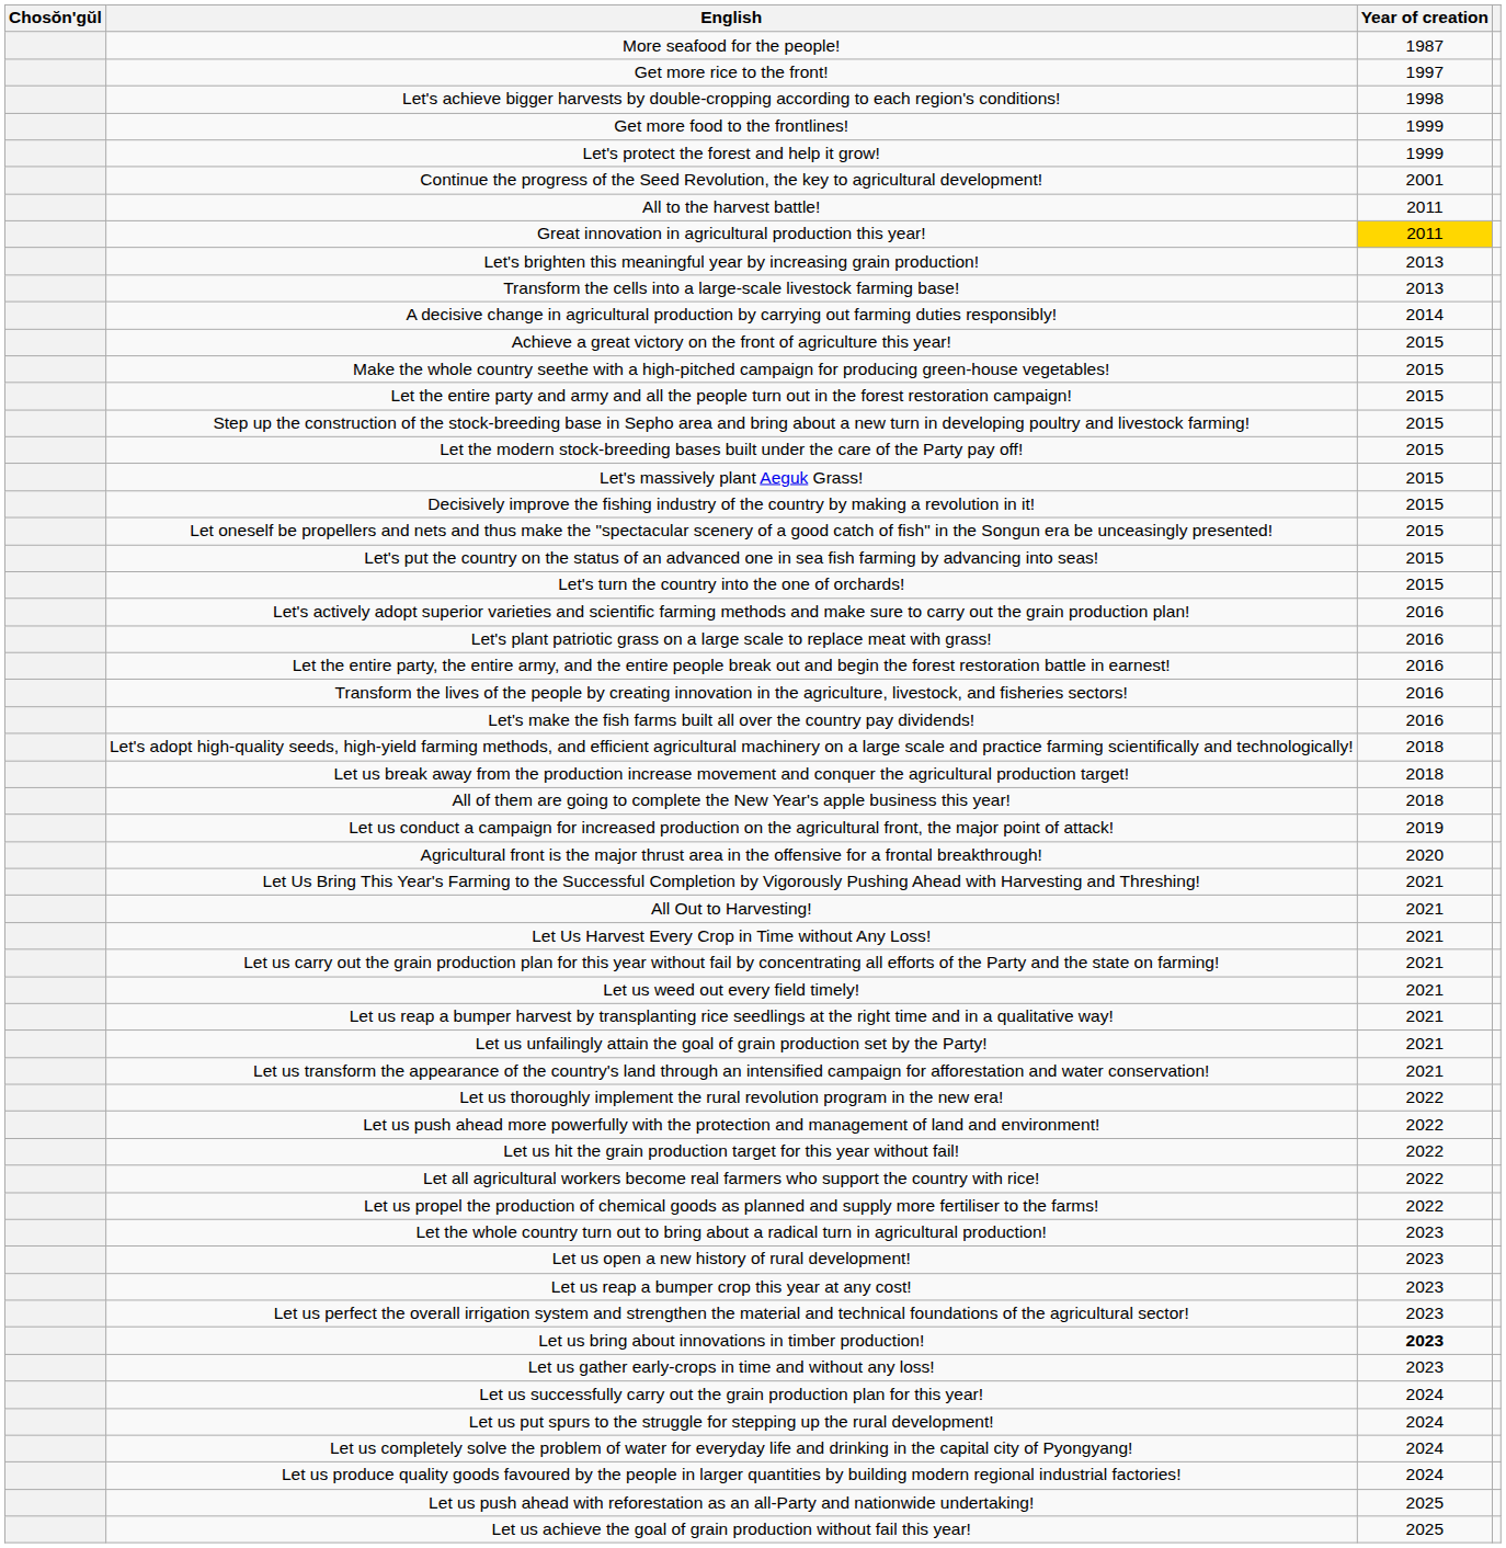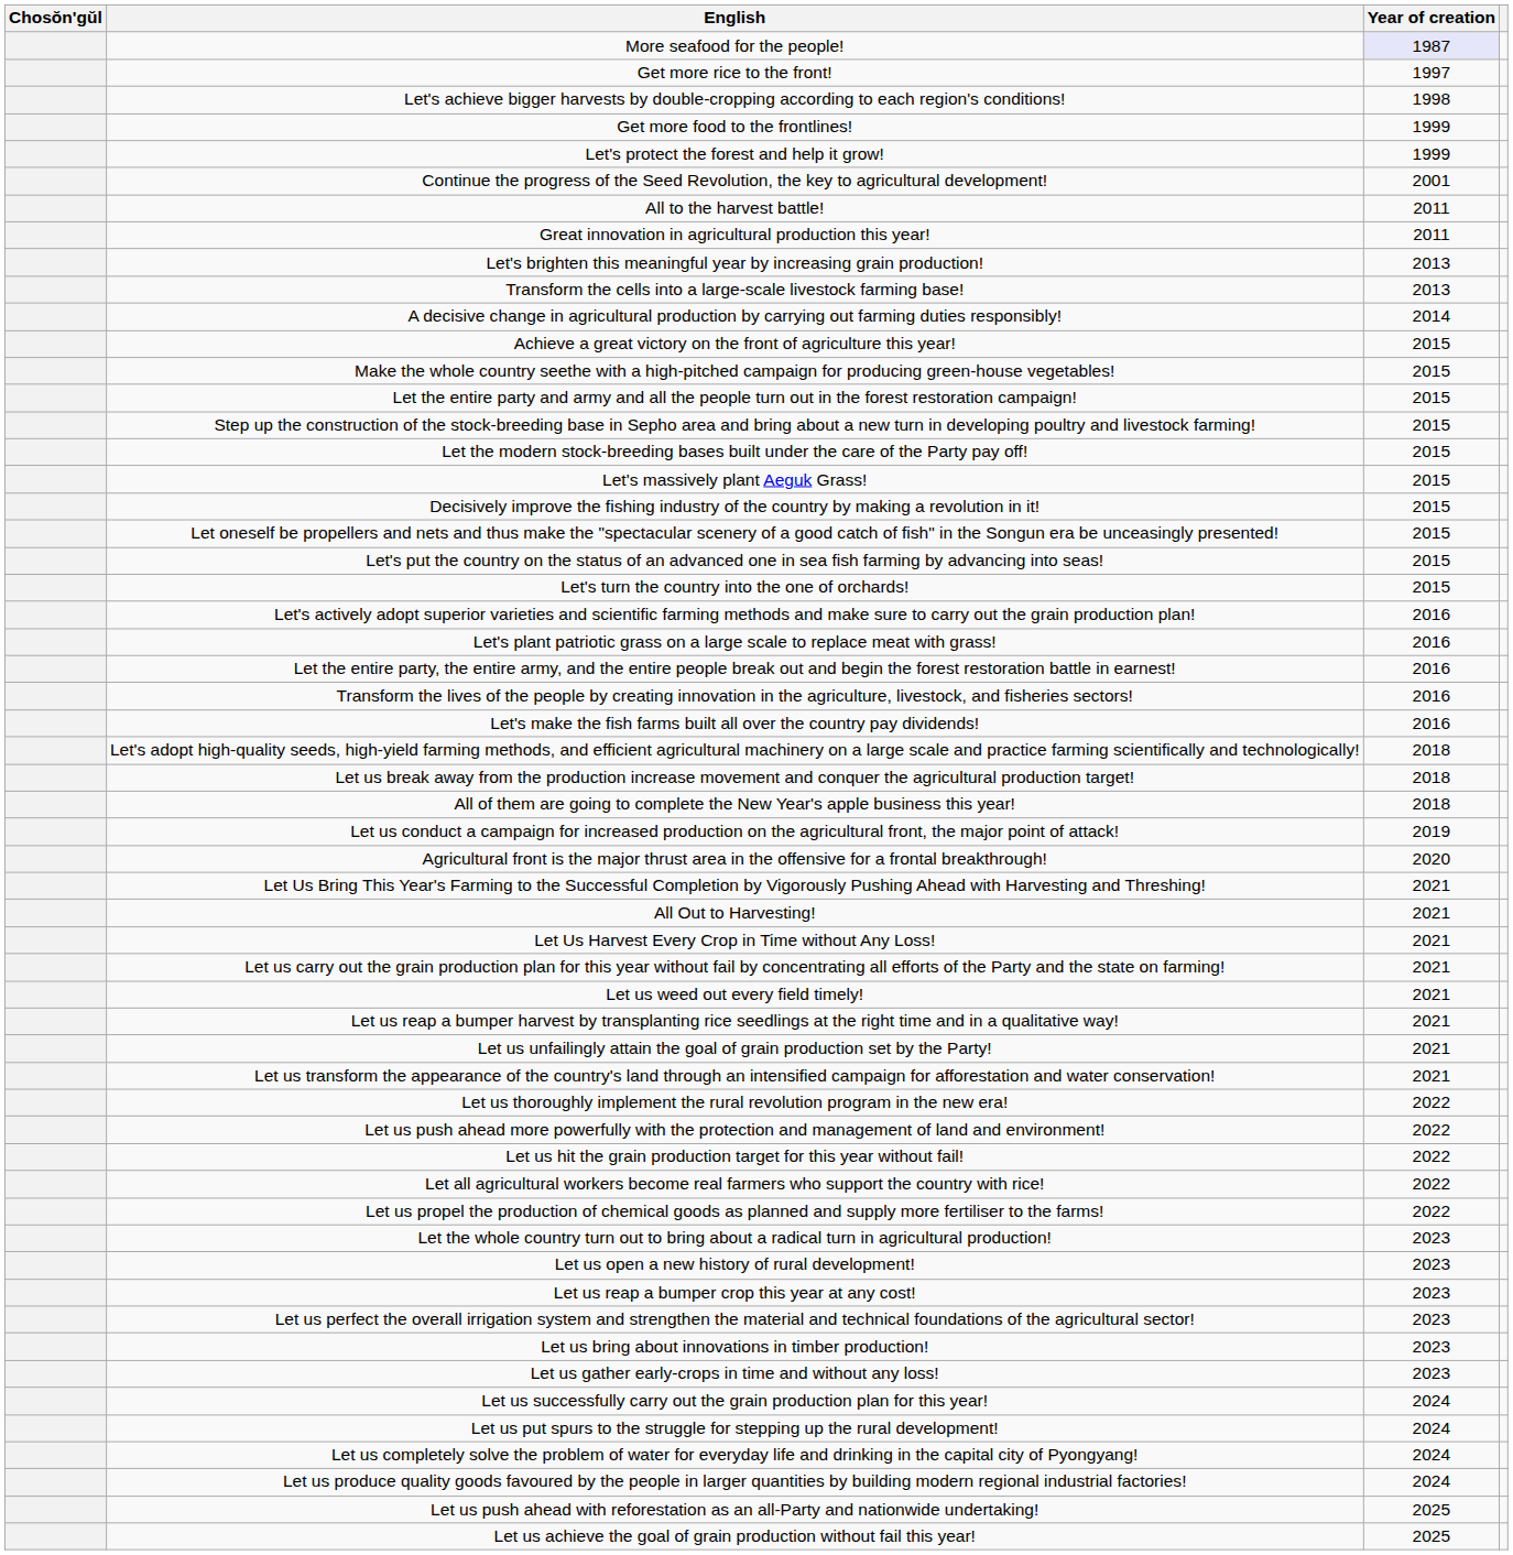 <table class="wikitable sortable" style="text-align: center;">
 <tr>
 <th scope="col">Chosŏn'gŭl</th>
 <th scope="col">English</th>
 <th scope="col">Year of creation</th>
 <th scope="col" class="unsortable"></th>
 </tr>
 <tr>
 <th scope="row"></th>
 <td>More seafood for the people!</td>
-<td>1987</td>
+<td style="background: lavender;">1987</td>
 <td></td>
 </tr>
 <tr>
 <th scope="row"></th>
 <td>Get more rice to the front!</td>
 <td>1997</td>
 <td></td>
 </tr>
 <tr>
 <th scope="row"></th>
 <td>Let's achieve bigger harvests by double-cropping according to each region's conditions!</td>
 <td>1998</td>
 <td></td>
 </tr>
 <tr>
 <th scope="row"></th>
 <td>Get more food to the frontlines!</td>
 <td>1999</td>
 <td></td>
 </tr>
 <tr>
 <th scope="row"></th>
 <td>Let's protect the forest and help it grow!</td>
 <td>1999</td>
 <td></td>
 </tr>
 <tr>
 <th scope="row"></th>
 <td>Continue the progress of the Seed Revolution, the key to agricultural development!</td>
 <td>2001</td>
 <td></td>
 </tr>
 <tr>
 <th scope="row"></th>
 <td>All to the harvest battle!</td>
 <td>2011</td>
 <td></td>
 </tr>
 <tr>
 <th scope="row"></th>
 <td>Great innovation in agricultural production this year!</td>
-<td style="background: gold;">2011</td>
+<td>2011</td>
 <td></td>
 </tr>
 <tr>
 <th scope="row"></th>
 <td>Let's brighten this meaningful year by increasing grain production!</td>
 <td>2013</td>
 <td></td>
 </tr>
 <tr>
 <th scope="row"></th>
 <td>Transform the cells into a large-scale livestock farming base!</td>
 <td>2013</td>
 <td></td>
 </tr>
 <tr>
 <th scope="row"></th>
 <td>A decisive change in agricultural production by carrying out farming duties responsibly!</td>
 <td>2014</td>
 <td></td>
 </tr>
 <tr>
 <th scope="row"></th>
 <td>Achieve a great victory on the front of agriculture this year!</td>
 <td>2015</td>
 <td></td>
 </tr>
 <tr>
 <th scope="row"></th>
 <td>Make the whole country seethe with a high-pitched campaign for producing green-house vegetables!</td>
 <td>2015</td>
 <td></td>
 </tr>
 <tr>
 <th scope="row"></th>
 <td>Let the entire party and army and all the people turn out in the forest restoration campaign!</td>
 <td>2015</td>
 <td></td>
 </tr>
 <tr>
 <th scope="row"></th>
 <td>Step up the construction of the stock-breeding base in Sepho area and bring about a new turn in developing poultry and livestock farming!</td>
 <td>2015</td>
 <td></td>
 </tr>
 <tr>
 <th scope="row"></th>
 <td>Let the modern stock-breeding bases built under the care of the Party pay off!</td>
 <td>2015</td>
 <td></td>
 </tr>
 <tr>
 <th scope="row"></th>
 <td>Let's massively plant <a href='#'>Aeguk</a> Grass!</td>
 <td>2015</td>
 <td></td>
 </tr>
 <tr>
 <th scope="row"></th>
 <td>Decisively improve the fishing industry of the country by making a revolution in it!</td>
 <td>2015</td>
 <td></td>
 </tr>
 <tr>
 <th scope="row"></th>
 <td>Let oneself be propellers and nets and thus make the "spectacular scenery of a good catch of fish" in the Songun era be unceasingly presented!</td>
 <td>2015</td>
 <td></td>
 </tr>
 <tr>
 <th scope="row"></th>
 <td>Let's put the country on the status of an advanced one in sea fish farming by advancing into seas!</td>
 <td>2015</td>
 <td></td>
 </tr>
 <tr>
 <th scope="row"></th>
 <td>Let's turn the country into the one of orchards!</td>
 <td>2015</td>
 <td></td>
 </tr>
 <tr>
 <th scope="row"></th>
 <td>Let's actively adopt superior varieties and scientific farming methods and make sure to carry out the grain production plan!</td>
 <td>2016</td>
 <td></td>
 </tr>
 <tr>
 <th scope="row"></th>
 <td>Let's plant patriotic grass on a large scale to replace meat with grass!</td>
 <td>2016</td>
 <td></td>
 </tr>
 <tr>
 <th scope="row"></th>
 <td>Let the entire party, the entire army, and the entire people break out and begin the forest restoration battle in earnest!</td>
 <td>2016</td>
 <td></td>
 </tr>
 <tr>
 <th scope="row"></th>
 <td>Transform the lives of the people by creating innovation in the agriculture, livestock, and fisheries sectors!</td>
 <td>2016</td>
 <td></td>
 </tr>
 <tr>
 <th scope="row"></th>
 <td>Let's make the fish farms built all over the country pay dividends!</td>
 <td>2016</td>
 <td></td>
 </tr>
 <tr>
 <th scope="row"></th>
 <td>Let's adopt high-quality seeds, high-yield farming methods, and efficient agricultural machinery on a large scale and practice farming scientifically and technologically!</td>
 <td>2018</td>
 <td></td>
 </tr>
 <tr>
 <th scope="row"></th>
 <td>Let us break away from the production increase movement and conquer the agricultural production target!</td>
 <td>2018</td>
 <td></td>
 </tr>
 <tr>
 <th scope="row"></th>
 <td>All of them are going to complete the New Year's apple business this year!</td>
 <td>2018</td>
 <td></td>
 </tr>
 <tr>
 <th scope="row"></th>
 <td>Let us conduct a campaign for increased production on the agricultural front, the major point of attack!</td>
 <td>2019</td>
 <td></td>
 </tr>
 <tr>
 <th scope="row"></th>
 <td>Agricultural front is the major thrust area in the offensive for a frontal breakthrough!</td>
 <td>2020</td>
 <td></td>
 </tr>
 <tr>
 <th scope="row"></th>
 <td>Let Us Bring This Year's Farming to the Successful Completion by Vigorously Pushing Ahead with Harvesting and Threshing!</td>
 <td>2021</td>
 <td></td>
 </tr>
 <tr>
 <th scope="row"></th>
 <td>All Out to Harvesting!</td>
 <td>2021</td>
 <td></td>
 </tr>
 <tr>
 <th scope="row"></th>
 <td>Let Us Harvest Every Crop in Time without Any Loss!</td>
 <td>2021</td>
 <td></td>
 </tr>
 <tr>
 <th scope="row"></th>
 <td>Let us carry out the grain production plan for this year without fail by concentrating all efforts of the Party and the state on farming!</td>
 <td>2021</td>
 <td></td>
 </tr>
 <tr>
 <th scope="row"></th>
 <td>Let us weed out every field timely!</td>
 <td>2021</td>
 <td></td>
 </tr>
 <tr>
 <th scope="row"></th>
 <td>Let us reap a bumper harvest by transplanting rice seedlings at the right time and in a qualitative way!</td>
 <td>2021</td>
 <td></td>
 </tr>
 <tr>
 <th scope="row"></th>
 <td>Let us unfailingly attain the goal of grain production set by the Party!</td>
 <td>2021</td>
 <td></td>
 </tr>
 <tr>
 <th scope="row"></th>
 <td>Let us transform the appearance of the country's land through an intensified campaign for afforestation and water conservation!</td>
 <td>2021</td>
 <td></td>
 </tr>
 <tr>
 <th scope="row"></th>
 <td>Let us thoroughly implement the rural revolution program in the new era!</td>
 <td>2022</td>
 <td></td>
 </tr>
 <tr>
 <th scope="row"></th>
 <td>Let us push ahead more powerfully with the protection and management of land and environment!</td>
 <td>2022</td>
 <td></td>
 </tr>
 <tr>
 <th scope="row"></th>
 <td>Let us hit the grain production target for this year without fail!</td>
 <td>2022</td>
 <td></td>
 </tr>
 <tr>
 <th scope="row"></th>
 <td>Let all agricultural workers become real farmers who support the country with rice!</td>
 <td>2022</td>
 <td></td>
 </tr>
 <tr>
 <th scope="row"></th>
 <td>Let us propel the production of chemical goods as planned and supply more fertiliser to the farms!</td>
 <td>2022</td>
 <td></td>
 </tr>
 <tr>
 <th scope="row"></th>
 <td>Let the whole country turn out to bring about a radical turn in agricultural production!</td>
 <td>2023</td>
 <td></td>
 </tr>
 <tr>
 <th scope="row"></th>
 <td>Let us open a new history of rural development!</td>
 <td>2023</td>
 <td></td>
 </tr>
 <tr>
 <th scope="row"></th>
 <td>Let us reap a bumper crop this year at any cost!</td>
 <td>2023</td>
 <td></td>
 </tr>
 <tr>
 <th scope="row"></th>
 <td>Let us perfect the overall irrigation system and strengthen the material and technical foundations of the agricultural sector!</td>
 <td>2023</td>
 <td></td>
 </tr>
 <tr>
 <th scope="row"></th>
 <td>Let us bring about innovations in timber production!</td>
-<td><strong>2023</strong></td>
+<td>2023</td>
 <td></td>
 </tr>
 <tr>
 <th scope="row"></th>
 <td>Let us gather early-crops in time and without any loss!</td>
 <td>2023</td>
 <td></td>
 </tr>
 <tr>
 <th scope="row"></th>
 <td>Let us successfully carry out the grain production plan for this year!</td>
 <td>2024</td>
 <td></td>
 </tr>
 <tr>
 <th scope="row"></th>
 <td>Let us put spurs to the struggle for stepping up the rural development!</td>
 <td>2024</td>
 <td></td>
 </tr>
 <tr>
 <th scope="row"></th>
 <td>Let us completely solve the problem of water for everyday life and drinking in the capital city of Pyongyang!</td>
 <td>2024</td>
 <td></td>
 </tr>
 <tr>
 <th scope="row"></th>
 <td>Let us produce quality goods favoured by the people in larger quantities by building modern regional industrial factories!</td>
 <td>2024</td>
 <td></td>
 </tr>
 <tr>
 <th scope="row"></th>
 <td>Let us push ahead with reforestation as an all-Party and nationwide undertaking!</td>
 <td>2025</td>
 <td></td>
 </tr>
 <tr>
 <th scope="row"></th>
 <td>Let us achieve the goal of grain production without fail this year!</td>
 <td>2025</td>
 <td></td>
 </tr>
 </table>
